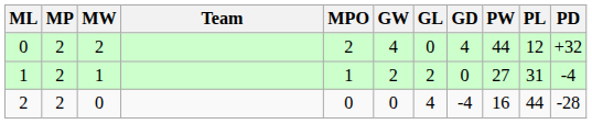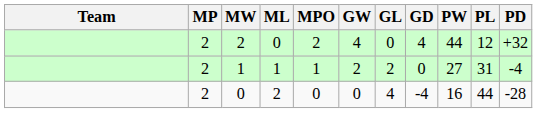 <table class=wikitable style="text-align:center">
 <tr>
-<th width=20>ML</th>
+<th width=175>Team</th>
 <th width=20>MP</th>
 <th width=20>MW</th>
-<th width=175>Team</th>
+<th width=20>ML</th>
 <th width=20>MPO</th>
 <th width=20>GW</th>
 <th width=20>GL</th>
 <th width=20>GD</th>
 <th width=20>PW</th>
 <th width=20>PL</th>
 <th width=20>PD</th>
 </tr>
 <tr bgcolor="#ccffcc">
-<td>0</td>
+<td align=left><strong><br></strong></td>
 <td>2</td>
 <td>2</td>
-<td align=left><strong><br></strong></td>
+<td>0</td>
 <td>2</td>
 <td>4</td>
 <td>0</td>
 <td>4</td>
 <td>44</td>
 <td>12</td>
 <td>+32</td>
 </tr>
 <tr bgcolor="#ccffcc">
-<td>1</td>
+<td align=left><strong><br></strong></td>
 <td>2</td>
 <td>1</td>
-<td align=left><strong><br></strong></td>
+<td>1</td>
 <td>1</td>
 <td>2</td>
 <td>2</td>
 <td>0</td>
 <td>27</td>
 <td>31</td>
 <td>-4</td>
 </tr>
 <tr>
-<td>2</td>
+<td align=left><br></td>
 <td>2</td>
 <td>0</td>
-<td align=left><br></td>
+<td>2</td>
 <td>0</td>
 <td>0</td>
 <td>4</td>
 <td>-4</td>
 <td>16</td>
 <td>44</td>
 <td>-28</td>
 </tr>
 </table>
